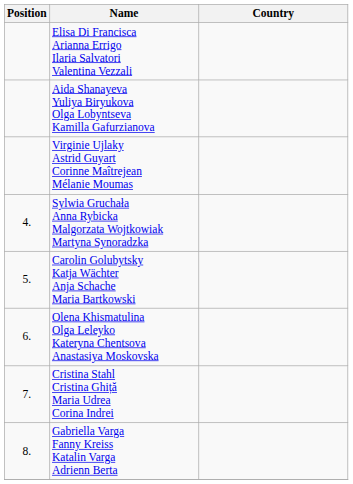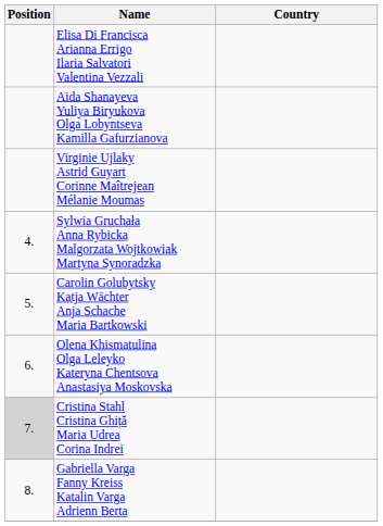 <table class="wikitable">
 <tr>
 <th width="20">Position</th>
 <th width="200">Name</th>
 <th width="200">Country</th>
 </tr>
 <tr>
 <td align="center"></td>
 <td><a href='#'>Elisa Di Francisca</a><br><a href='#'>Arianna Errigo</a><br><a href='#'>Ilaria Salvatori</a><br><a href='#'>Valentina Vezzali</a></td>
 <td></td>
 </tr>
 <tr>
 <td align="center"></td>
 <td><a href='#'>Aida Shanayeva</a><br><a href='#'>Yuliya Biryukova</a><br><a href='#'>Olga Lobyntseva</a><br><a href='#'>Kamilla Gafurzianova</a></td>
 <td></td>
 </tr>
 <tr>
 <td align="center"></td>
 <td><a href='#'>Virginie Ujlaky</a><br> <a href='#'>Astrid Guyart</a><br><a href='#'>Corinne Maîtrejean</a><br><a href='#'>Mélanie Moumas</a></td>
 <td></td>
 </tr>
 <tr>
 <td align="center">4.</td>
 <td><a href='#'>Sylwia Gruchała</a><br><a href='#'>Anna Rybicka</a><br><a href='#'>Malgorzata Wojtkowiak</a><br><a href='#'>Martyna Synoradzka</a></td>
 <td></td>
 </tr>
 <tr>
 <td align="center">5.</td>
 <td><a href='#'>Carolin Golubytsky</a><br><a href='#'>Katja Wächter</a><br><a href='#'>Anja Schache</a><br><a href='#'>Maria Bartkowski</a></td>
 <td></td>
 </tr>
 <tr>
 <td align="center">6.</td>
 <td><a href='#'>Olena Khismatulina</a><br><a href='#'>Olga Leleyko</a><br><a href='#'>Kateryna Chentsova</a><br><a href='#'>Anastasiya Moskovska</a></td>
 <td></td>
 </tr>
 <tr>
-<td align="center">7.</td>
+<td align="center" style="background: lightgrey;">7.</td>
 <td><a href='#'>Cristina Stahl</a><br><a href='#'>Cristina Ghiță</a><br><a href='#'>Maria Udrea</a><br><a href='#'>Corina Indrei</a></td>
 <td></td>
 </tr>
 <tr>
 <td align="center">8.</td>
 <td><a href='#'>Gabriella Varga</a><br><a href='#'>Fanny Kreiss</a><br><a href='#'>Katalin Varga</a><br><a href='#'>Adrienn Berta</a></td>
 <td></td>
 </tr>
 <tr>
 </tr>
 </table>
